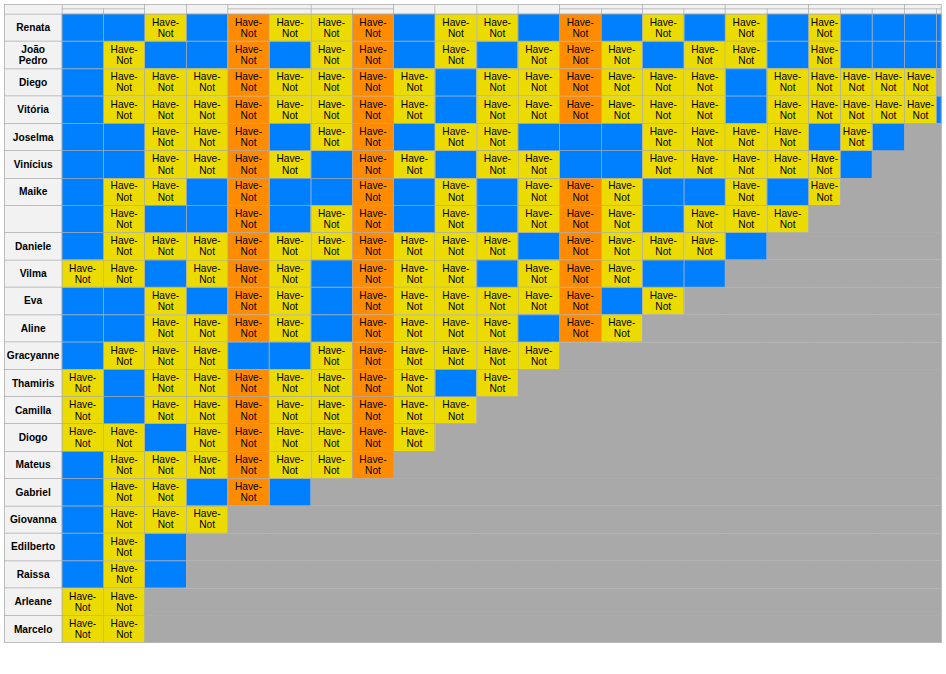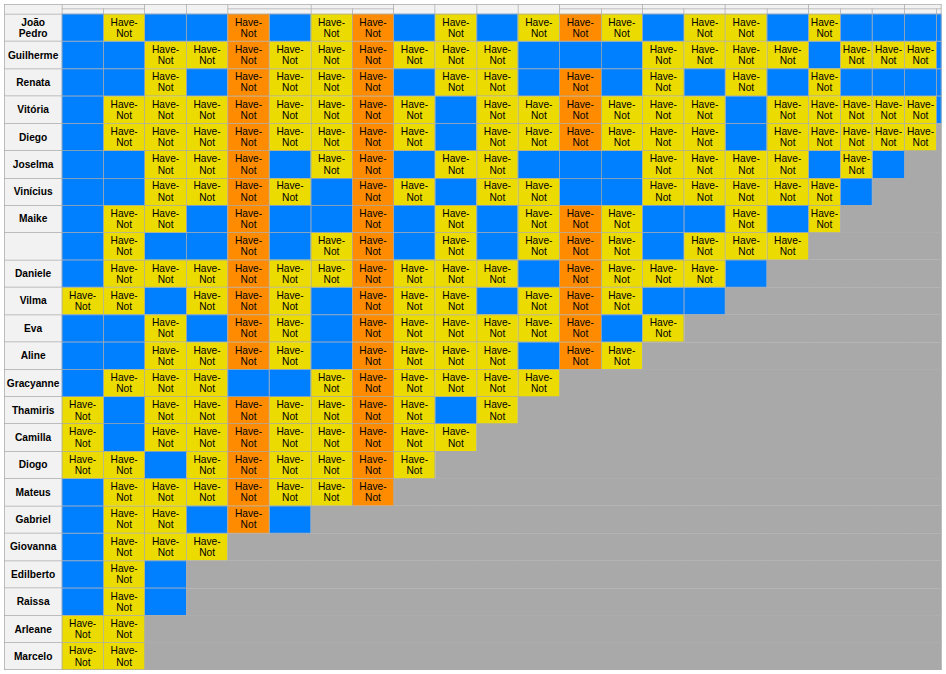 <table class="wikitable" style="text-align:center; font-size:85%; ">
 <tr>
 <th rowspan=2 width=05.25%></th>
 <th colspan=2 width=10.50%></th>
 <th rowspan=2 width=05.25%><sup></sup></th>
 <th rowspan=2 width=05.25%></th>
 <th colspan=2 width=10.50%></th>
 <th colspan=2 width=10.50%></th>
 <th rowspan=2 width=05.25%></th>
 <th rowspan=2 width=05.25%><sup></sup></th>
 <th rowspan=2 width=05.25%></th>
 <th rowspan=2 width=05.25%></th>
 <th colspan=2 width=10.50%></th>
 <th colspan=2 width=10.50%></th>
 <th colspan=2 width=10.50%></th>
 <th colspan=3 width=15.75%></th>
 <th colspan=2 width=10.50%></th>
 </tr>
 <tr>
 <th width=5.25%></th>
 <th width=5.25%></th>
 <th colspan=2 width=10.50%><sup></sup></th>
 <th width=5.25%></th>
 <th width=5.25%><sup></sup></th>
 <th width=5.25%><sup></sup></th>
 <th width=5.25%></th>
 <th width=5.25%></th>
 <th width=5.25%></th>
 <th width=5.25%></th>
 <th width=5.25%></th>
 <th width=5.25%></th>
 <th width=5.25%></th>
 <th width=5.25%></th>
 <th width=5.25%></th>
 <th width=5.25%></th>
 </tr>
 <tr>
+<th>João Pedro</th>
+<td bgcolor=007FFF></td>
+<td bgcolor=ECDB00>Have-Not</td>
+<td bgcolor=007FFF></td>
+<td bgcolor=007FFF></td>
+<td bgcolor=FF8C00>Have-Not</td>
+<td bgcolor=007FFF></td>
+<td bgcolor=ECDB00>Have-Not</td>
+<td bgcolor=FF8C00>Have-Not</td>
+<td bgcolor=007FFF></td>
+<td bgcolor=ECDB00>Have-Not</td>
+<td bgcolor=007FFF></td>
+<td bgcolor=ECDB00>Have-Not</td>
+<td bgcolor=FF8C00>Have-Not</td>
+<td bgcolor=ECDB00>Have-Not</td>
+<td bgcolor=007FFF></td>
+<td bgcolor=ECDB00>Have-Not</td>
+<td bgcolor=ECDB00>Have-Not</td>
+<td bgcolor=007FFF></td>
+<td bgcolor=ECDB00>Have-Not</td>
+<td bgcolor=007FFF></td>
+<td bgcolor=007FFF></td>
+<td bgcolor=007FFF></td>
+<td bgcolor=007FFF></td>
+</tr>
+<tr>
+<th>Guilherme</th>
+<td bgcolor=007FFF></td>
+<td bgcolor=007FFF></td>
+<td bgcolor=ECDB00>Have-Not</td>
+<td bgcolor=ECDB00>Have-Not</td>
+<td bgcolor=FF8C00>Have-Not</td>
+<td bgcolor=ECDB00>Have-Not</td>
+<td bgcolor=ECDB00>Have-Not</td>
+<td bgcolor=FF8C00>Have-Not</td>
+<td bgcolor=ECDB00>Have-Not</td>
+<td bgcolor=ECDB00>Have-Not</td>
+<td bgcolor=ECDB00>Have-Not</td>
+<td bgcolor=007FFF></td>
+<td bgcolor=007FFF></td>
+<td bgcolor=007FFF></td>
+<td bgcolor=ECDB00>Have-Not</td>
+<td bgcolor=ECDB00>Have-Not</td>
+<td bgcolor=ECDB00>Have-Not</td>
+<td bgcolor=ECDB00>Have-Not</td>
+<td bgcolor=007FFF></td>
+<td bgcolor=ECDB00>Have-Not</td>
+<td bgcolor=ECDB00>Have-Not</td>
+<td bgcolor=ECDB00>Have-Not</td>
+<td bgcolor=007FFF></td>
+</tr>
+<tr>
 <th>Renata</th>
 <td bgcolor=007FFF></td>
 <td bgcolor=007FFF></td>
 <td bgcolor=ECDB00>Have-Not</td>
 <td bgcolor=007FFF></td>
 <td bgcolor=FF8C00>Have-Not</td>
 <td bgcolor=ECDB00>Have-Not</td>
 <td bgcolor=ECDB00>Have-Not</td>
 <td bgcolor=FF8C00>Have-Not</td>
 <td bgcolor=007FFF></td>
 <td bgcolor=ECDB00>Have-Not</td>
 <td bgcolor=ECDB00>Have-Not</td>
 <td bgcolor=007FFF></td>
 <td bgcolor=FF8C00>Have-Not</td>
 <td bgcolor=007FFF></td>
 <td bgcolor=ECDB00>Have-Not</td>
 <td bgcolor=007FFF></td>
 <td bgcolor=ECDB00>Have-Not</td>
 <td bgcolor=007FFF></td>
 <td bgcolor=ECDB00>Have-Not</td>
 <td bgcolor=007FFF></td>
 <td bgcolor=007FFF></td>
 <td bgcolor=007FFF></td>
 <td bgcolor=007FFF></td>
 </tr>
 <tr>
-<th>João Pedro</th>
+<th>Vitória</th>
 <td bgcolor=007FFF></td>
 <td bgcolor=ECDB00>Have-Not</td>
-<td bgcolor=007FFF></td>
-<td bgcolor=007FFF></td>
-<td bgcolor=FF8C00>Have-Not</td>
-<td bgcolor=007FFF></td>
+<td bgcolor=ECDB00>Have-Not</td>
 <td bgcolor=ECDB00>Have-Not</td>
 <td bgcolor=FF8C00>Have-Not</td>
-<td bgcolor=007FFF></td>
 <td bgcolor=ECDB00>Have-Not</td>
-<td bgcolor=007FFF></td>
 <td bgcolor=ECDB00>Have-Not</td>
 <td bgcolor=FF8C00>Have-Not</td>
 <td bgcolor=ECDB00>Have-Not</td>
 <td bgcolor=007FFF></td>
 <td bgcolor=ECDB00>Have-Not</td>
 <td bgcolor=ECDB00>Have-Not</td>
+<td bgcolor=FF8C00>Have-Not</td>
+<td bgcolor=ECDB00>Have-Not</td>
+<td bgcolor=ECDB00>Have-Not</td>
+<td bgcolor=ECDB00>Have-Not</td>
 <td bgcolor=007FFF></td>
 <td bgcolor=ECDB00>Have-Not</td>
-<td bgcolor=007FFF></td>
-<td bgcolor=007FFF></td>
-<td bgcolor=007FFF></td>
+<td bgcolor=ECDB00>Have-Not</td>
+<td bgcolor=ECDB00>Have-Not</td>
+<td bgcolor=ECDB00>Have-Not</td>
+<td bgcolor=ECDB00>Have-Not</td>
 <td bgcolor=007FFF></td>
 </tr>
 <tr>
 <th>Diego</th>
 <td bgcolor=007FFF></td>
 <td bgcolor=ECDB00>Have-Not</td>
 <td bgcolor=ECDB00>Have-Not</td>
 <td bgcolor=ECDB00>Have-Not</td>
 <td bgcolor=FF8C00>Have-Not</td>
 <td bgcolor=ECDB00>Have-Not</td>
 <td bgcolor=ECDB00>Have-Not</td>
 <td bgcolor=FF8C00>Have-Not</td>
 <td bgcolor=ECDB00>Have-Not</td>
 <td bgcolor=007FFF></td>
 <td bgcolor=ECDB00>Have-Not</td>
 <td bgcolor=ECDB00>Have-Not</td>
 <td bgcolor=FF8C00>Have-Not</td>
 <td bgcolor=ECDB00>Have-Not</td>
 <td bgcolor=ECDB00>Have-Not</td>
 <td bgcolor=ECDB00>Have-Not</td>
 <td bgcolor=007FFF></td>
 <td bgcolor=ECDB00>Have-Not</td>
 <td bgcolor=ECDB00>Have-Not</td>
 <td bgcolor=ECDB00>Have-Not</td>
 <td bgcolor=ECDB00>Have-Not</td>
 <td bgcolor=ECDB00>Have-Not</td>
 <td colspan="1" bgcolor="A9A9A9"></td>
-</tr>
-<tr>
-<th>Vitória</th>
-<td bgcolor=007FFF></td>
-<td bgcolor=ECDB00>Have-Not</td>
-<td bgcolor=ECDB00>Have-Not</td>
-<td bgcolor=ECDB00>Have-Not</td>
-<td bgcolor=FF8C00>Have-Not</td>
-<td bgcolor=ECDB00>Have-Not</td>
-<td bgcolor=ECDB00>Have-Not</td>
-<td bgcolor=FF8C00>Have-Not</td>
-<td bgcolor=ECDB00>Have-Not</td>
-<td bgcolor=007FFF></td>
-<td bgcolor=ECDB00>Have-Not</td>
-<td bgcolor=ECDB00>Have-Not</td>
-<td bgcolor=FF8C00>Have-Not</td>
-<td bgcolor=ECDB00>Have-Not</td>
-<td bgcolor=ECDB00>Have-Not</td>
-<td bgcolor=ECDB00>Have-Not</td>
-<td bgcolor=007FFF></td>
-<td bgcolor=ECDB00>Have-Not</td>
-<td bgcolor=ECDB00>Have-Not</td>
-<td bgcolor=ECDB00>Have-Not</td>
-<td bgcolor=ECDB00>Have-Not</td>
-<td bgcolor=ECDB00>Have-Not</td>
-<td bgcolor=007FFF></td>
 </tr>
 <tr>
 <th>Joselma</th>
 <td bgcolor=007FFF></td>
 <td bgcolor=007FFF></td>
 <td bgcolor=ECDB00>Have-Not</td>
 <td bgcolor=ECDB00>Have-Not</td>
 <td bgcolor=FF8C00>Have-Not</td>
 <td bgcolor=007FFF></td>
 <td bgcolor=ECDB00>Have-Not</td>
 <td bgcolor=FF8C00>Have-Not</td>
 <td bgcolor=007FFF></td>
 <td bgcolor=ECDB00>Have-Not</td>
 <td bgcolor=ECDB00>Have-Not</td>
 <td bgcolor=007FFF></td>
 <td bgcolor=007FFF></td>
 <td bgcolor=007FFF></td>
 <td bgcolor=ECDB00>Have-Not</td>
 <td bgcolor=ECDB00>Have-Not</td>
 <td bgcolor=ECDB00>Have-Not</td>
 <td bgcolor=ECDB00>Have-Not</td>
 <td bgcolor=007FFF></td>
 <td bgcolor=ECDB00>Have-Not</td>
 <td bgcolor=007FFF></td>
 <td colspan="2" bgcolor="A9A9A9"></td>
 </tr>
 <tr>
 <th>Vinícius</th>
 <td bgcolor=007FFF></td>
 <td bgcolor=007FFF></td>
 <td bgcolor=ECDB00>Have-Not</td>
 <td bgcolor=ECDB00>Have-Not</td>
 <td bgcolor=FF8C00>Have-Not</td>
 <td bgcolor=ECDB00>Have-Not</td>
 <td bgcolor=007FFF></td>
 <td bgcolor=FF8C00>Have-Not</td>
 <td bgcolor=ECDB00>Have-Not</td>
 <td bgcolor=007FFF></td>
 <td bgcolor=ECDB00>Have-Not</td>
 <td bgcolor=ECDB00>Have-Not</td>
 <td bgcolor=007FFF></td>
 <td bgcolor=007FFF></td>
 <td bgcolor=ECDB00>Have-Not</td>
 <td bgcolor=ECDB00>Have-Not</td>
 <td bgcolor=ECDB00>Have-Not</td>
 <td bgcolor=ECDB00>Have-Not</td>
 <td bgcolor=ECDB00>Have-Not</td>
 <td bgcolor=007FFF></td>
 <td colspan="3" bgcolor="A9A9A9"></td>
 </tr>
 <tr>
 <th>Maike</th>
 <td bgcolor=007FFF></td>
 <td bgcolor=ECDB00>Have-Not</td>
 <td bgcolor=ECDB00>Have-Not</td>
 <td bgcolor=007FFF></td>
 <td bgcolor=FF8C00>Have-Not</td>
 <td bgcolor=007FFF></td>
 <td bgcolor=007FFF></td>
 <td bgcolor=FF8C00>Have-Not</td>
 <td bgcolor=007FFF></td>
 <td bgcolor=ECDB00>Have-Not</td>
 <td bgcolor=007FFF></td>
 <td bgcolor=ECDB00>Have-Not</td>
 <td bgcolor=FF8C00>Have-Not</td>
 <td bgcolor=ECDB00>Have-Not</td>
 <td bgcolor=007FFF></td>
 <td bgcolor=007FFF></td>
 <td bgcolor=ECDB00>Have-Not</td>
 <td bgcolor=007FFF></td>
 <td bgcolor=ECDB00>Have-Not</td>
 <td colspan="4" bgcolor="A9A9A9"></td>
 </tr>
 <tr>
 <th></th>
 <td bgcolor=007FFF></td>
 <td bgcolor=ECDB00>Have-Not</td>
 <td bgcolor=007FFF></td>
 <td bgcolor=007FFF></td>
 <td bgcolor=FF8C00>Have-Not</td>
 <td bgcolor=007FFF></td>
 <td bgcolor=ECDB00>Have-Not</td>
 <td bgcolor=FF8C00>Have-Not</td>
 <td bgcolor=007FFF></td>
 <td bgcolor=ECDB00>Have-Not</td>
 <td bgcolor=007FFF></td>
 <td bgcolor=ECDB00>Have-Not</td>
 <td bgcolor=FF8C00>Have-Not</td>
 <td bgcolor=ECDB00>Have-Not</td>
 <td bgcolor=007FFF></td>
 <td bgcolor=ECDB00>Have-Not</td>
 <td bgcolor=ECDB00>Have-Not</td>
 <td bgcolor=ECDB00>Have-Not</td>
 <td colspan="5" bgcolor="A9A9A9"></td>
 </tr>
 <tr>
 <th>Daniele</th>
 <td bgcolor=007FFF></td>
 <td bgcolor=ECDB00>Have-Not</td>
 <td bgcolor=ECDB00>Have-Not</td>
 <td bgcolor=ECDB00>Have-Not</td>
 <td bgcolor=FF8C00>Have-Not</td>
 <td bgcolor=ECDB00>Have-Not</td>
 <td bgcolor=ECDB00>Have-Not</td>
 <td bgcolor=FF8C00>Have-Not</td>
 <td bgcolor=ECDB00>Have-Not</td>
 <td bgcolor=ECDB00>Have-Not</td>
 <td bgcolor=ECDB00>Have-Not</td>
 <td bgcolor=007FFF></td>
 <td bgcolor=FF8C00>Have-Not</td>
 <td bgcolor=ECDB00>Have-Not</td>
 <td bgcolor=ECDB00>Have-Not</td>
 <td bgcolor=ECDB00>Have-Not</td>
 <td bgcolor=007FFF></td>
 <td colspan="6" bgcolor="A9A9A9"></td>
 </tr>
 <tr>
 <th>Vilma</th>
 <td bgcolor=ECDB00>Have-Not</td>
 <td bgcolor=ECDB00>Have-Not</td>
 <td bgcolor=007FFF></td>
 <td bgcolor=ECDB00>Have-Not</td>
 <td bgcolor=FF8C00>Have-Not</td>
 <td bgcolor=ECDB00>Have-Not</td>
 <td bgcolor=007FFF></td>
 <td bgcolor=FF8C00>Have-Not</td>
 <td bgcolor=ECDB00>Have-Not</td>
 <td bgcolor=ECDB00>Have-Not</td>
 <td bgcolor=007FFF></td>
 <td bgcolor=ECDB00>Have-Not</td>
 <td bgcolor=FF8C00>Have-Not</td>
 <td bgcolor=ECDB00>Have-Not</td>
 <td bgcolor=007FFF></td>
 <td bgcolor=007FFF></td>
 <td colspan="7" bgcolor="A9A9A9"></td>
 </tr>
 <tr>
 <th>Eva</th>
 <td bgcolor=007FFF></td>
 <td bgcolor=007FFF></td>
 <td bgcolor=ECDB00>Have-Not</td>
 <td bgcolor=007FFF></td>
 <td bgcolor=FF8C00>Have-Not</td>
 <td bgcolor=ECDB00>Have-Not</td>
 <td bgcolor=007FFF></td>
 <td bgcolor=FF8C00>Have-Not</td>
 <td bgcolor=ECDB00>Have-Not</td>
 <td bgcolor=ECDB00>Have-Not</td>
 <td bgcolor=ECDB00>Have-Not</td>
 <td bgcolor=ECDB00>Have-Not</td>
 <td bgcolor=FF8C00>Have-Not</td>
 <td bgcolor=007FFF></td>
 <td bgcolor=ECDB00>Have-Not</td>
 <td colspan="8" bgcolor="A9A9A9"></td>
 </tr>
 <tr>
 <th>Aline</th>
 <td bgcolor=007FFF></td>
 <td bgcolor=007FFF></td>
 <td bgcolor=ECDB00>Have-Not</td>
 <td bgcolor=ECDB00>Have-Not</td>
 <td bgcolor=FF8C00>Have-Not</td>
 <td bgcolor=ECDB00>Have-Not</td>
 <td bgcolor=007FFF></td>
 <td bgcolor=FF8C00>Have-Not</td>
 <td bgcolor=ECDB00>Have-Not</td>
 <td bgcolor=ECDB00>Have-Not</td>
 <td bgcolor=ECDB00>Have-Not</td>
 <td bgcolor=007FFF></td>
 <td bgcolor=FF8C00>Have-Not</td>
 <td bgcolor=ECDB00>Have-Not</td>
 <td colspan="9" bgcolor="A9A9A9"></td>
 </tr>
 <tr>
 <th>Gracyanne</th>
 <td bgcolor=007FFF></td>
 <td bgcolor=ECDB00>Have-Not</td>
 <td bgcolor=ECDB00>Have-Not</td>
 <td bgcolor=ECDB00>Have-Not</td>
 <td bgcolor=007FFF></td>
 <td bgcolor=007FFF></td>
 <td bgcolor=ECDB00>Have-Not</td>
 <td bgcolor=FF8C00>Have-Not</td>
 <td bgcolor=ECDB00>Have-Not</td>
 <td bgcolor=ECDB00>Have-Not</td>
 <td bgcolor=ECDB00>Have-Not</td>
 <td bgcolor=ECDB00>Have-Not</td>
 <td colspan="11" bgcolor="A9A9A9"></td>
 </tr>
 <tr>
 <th>Thamiris</th>
 <td bgcolor=ECDB00>Have-Not</td>
 <td bgcolor=007FFF></td>
 <td bgcolor=ECDB00>Have-Not</td>
 <td bgcolor=ECDB00>Have-Not</td>
 <td bgcolor=FF8C00>Have-Not</td>
 <td bgcolor=ECDB00>Have-Not</td>
 <td bgcolor=ECDB00>Have-Not</td>
 <td bgcolor=FF8C00>Have-Not</td>
 <td bgcolor=ECDB00>Have-Not</td>
 <td bgcolor=007FFF></td>
 <td bgcolor=ECDB00>Have-Not</td>
 <td colspan="12" bgcolor="A9A9A9"></td>
 </tr>
 <tr>
 <th>Camilla</th>
 <td bgcolor=ECDB00>Have-Not</td>
 <td bgcolor=007FFF></td>
 <td bgcolor=ECDB00>Have-Not</td>
 <td bgcolor=ECDB00>Have-Not</td>
 <td bgcolor=FF8C00>Have-Not</td>
 <td bgcolor=ECDB00>Have-Not</td>
 <td bgcolor=ECDB00>Have-Not</td>
 <td bgcolor=FF8C00>Have-Not</td>
 <td bgcolor=ECDB00>Have-Not</td>
 <td bgcolor=ECDB00>Have-Not</td>
 <td colspan="13" bgcolor="A9A9A9"></td>
 </tr>
 <tr>
 <th>Diogo</th>
 <td bgcolor=ECDB00>Have-Not</td>
 <td bgcolor=ECDB00>Have-Not</td>
 <td bgcolor=007FFF></td>
 <td bgcolor=ECDB00>Have-Not</td>
 <td bgcolor=FF8C00>Have-Not</td>
 <td bgcolor=ECDB00>Have-Not</td>
 <td bgcolor=ECDB00>Have-Not</td>
 <td bgcolor=FF8C00>Have-Not</td>
 <td bgcolor=ECDB00>Have-Not</td>
 <td colspan="14" bgcolor="A9A9A9"></td>
 </tr>
 <tr>
 <th>Mateus</th>
 <td bgcolor=007FFF></td>
 <td bgcolor=ECDB00>Have-Not</td>
 <td bgcolor=ECDB00>Have-Not</td>
 <td bgcolor=ECDB00>Have-Not</td>
 <td bgcolor=FF8C00>Have-Not</td>
 <td bgcolor=ECDB00>Have-Not</td>
 <td bgcolor=ECDB00>Have-Not</td>
 <td bgcolor=FF8C00>Have-Not</td>
 <td colspan="15" bgcolor="A9A9A9"></td>
 </tr>
 <tr>
 <th>Gabriel</th>
 <td bgcolor=007FFF></td>
 <td bgcolor=ECDB00>Have-Not</td>
 <td bgcolor=ECDB00>Have-Not</td>
 <td bgcolor=007FFF></td>
 <td bgcolor=FF8C00>Have-Not</td>
 <td bgcolor=007FFF></td>
 <td colspan="17" bgcolor="A9A9A9"></td>
 </tr>
 <tr>
 <th>Giovanna</th>
 <td bgcolor=007FFF></td>
 <td bgcolor=ECDB00>Have-Not</td>
 <td bgcolor=ECDB00>Have-Not</td>
 <td bgcolor=ECDB00>Have-Not</td>
 <td colspan="19" bgcolor="A9A9A9"></td>
 </tr>
 <tr>
 <th>Edilberto</th>
 <td bgcolor=007FFF></td>
 <td bgcolor=ECDB00>Have-Not</td>
 <td bgcolor=007FFF></td>
 <td colspan="20" bgcolor="A9A9A9"></td>
 </tr>
 <tr>
 <th>Raissa</th>
 <td bgcolor=007FFF></td>
 <td bgcolor=ECDB00>Have-Not</td>
 <td bgcolor=007FFF></td>
 <td colspan="20" bgcolor="A9A9A9"></td>
 </tr>
 <tr>
 <th>Arleane</th>
 <td bgcolor=ECDB00>Have-Not</td>
 <td bgcolor=ECDB00>Have-Not</td>
 <td colspan="21" bgcolor="A9A9A9"></td>
 </tr>
 <tr>
 <th>Marcelo</th>
 <td bgcolor=ECDB00>Have-Not</td>
 <td bgcolor=ECDB00>Have-Not</td>
 <td colspan="21" bgcolor="A9A9A9"></td>
 </tr>
 </table>
